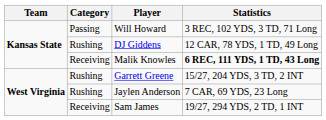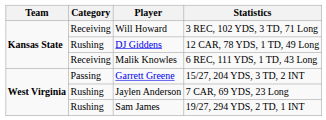 <table class="wikitable" style="float: right;">
 <tr>
 <th>Team</th>
 <th>Category</th>
 <th>Player</th>
 <th>Statistics</th>
 </tr>
 <tr>
 <td rowspan=3><strong>Kansas State</strong></td>
-<td>Passing</td>
+<td>Receiving</td>
 <td>Will Howard</td>
 <td>3 REC, 102 YDS, 3 TD, 71 Long</td>
 </tr>
 <tr>
 <td>Rushing</td>
 <td><a href='#'>DJ Giddens</a></td>
 <td>12 CAR, 78 YDS, 1 TD, 49 Long</td>
 </tr>
 <tr>
 <td>Receiving</td>
 <td>Malik Knowles</td>
-<td><strong>6 REC, 111 YDS, 1 TD, 43 Long</strong></td>
+<td>6 REC, 111 YDS, 1 TD, 43 Long</td>
 </tr>
 <tr>
 <td rowspan=3><strong>West Virginia</strong></td>
-<td>Rushing</td>
+<td>Passing</td>
 <td><a href='#'>Garrett Greene</a></td>
 <td>15/27, 204 YDS, 3 TD, 2 INT</td>
 </tr>
 <tr>
 <td>Rushing</td>
 <td>Jaylen Anderson</td>
 <td>7 CAR, 69 YDS, 23 Long</td>
 </tr>
 <tr>
-<td>Receiving</td>
+<td>Rushing</td>
 <td>Sam James</td>
 <td>19/27, 294 YDS, 2 TD, 1 INT</td>
 </tr>
 </table>
